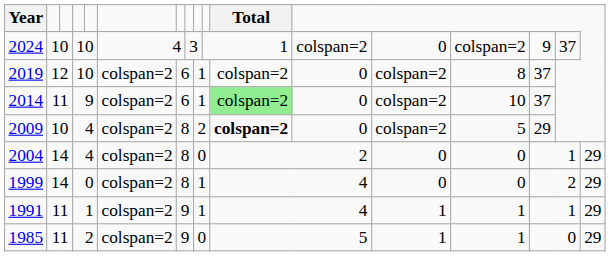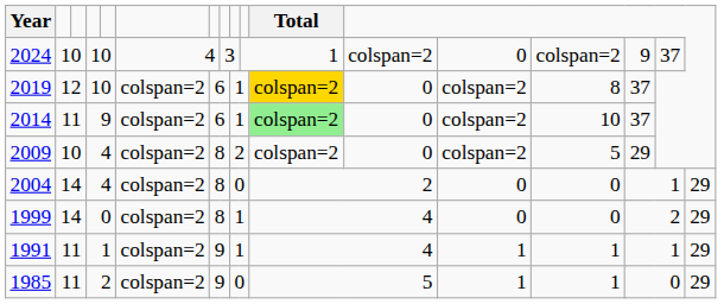 <table class="wikitable" style="text-align:right; padding-left:1em">
 <tr>
 <th align="left">Year</th>
 <td></td>
 <td></td>
 <td></td>
 <td></td>
 <td></td>
 <td></td>
 <td></td>
 <td></td>
 <td></td>
 <th align="left">Total</th>
 </tr>
 <tr>
 <td align=left><a href='#'>2024</a></td>
 <td colspan=2>10</td>
 <td colspan=2>10</td>
 <td colspan=2>4</td>
 <td colspan=2>3</td>
 <td colspan=2>1</td>
 <td>colspan=2 </td>
 <td colspan=2>0</td>
 <td>colspan=2 </td>
 <td colspan=2>9</td>
 <td>37</td>
 </tr>
 <tr>
 <td align=left><a href='#'>2019</a></td>
 <td colspan=2>12</td>
 <td colspan=2>10</td>
 <td>colspan=2 </td>
 <td colspan=2>6</td>
 <td colspan=2>1</td>
-<td>colspan=2 </td>
+<td style="background: gold;">colspan=2 </td>
 <td colspan=2>0</td>
 <td>colspan=2 </td>
 <td colspan=2>8</td>
 <td>37</td>
 </tr>
 <tr>
 <td align=left><a href='#'>2014</a></td>
 <td colspan=2>11</td>
 <td colspan=2>9</td>
 <td>colspan=2 </td>
 <td colspan=2>6</td>
 <td colspan=2>1</td>
 <td style="background: lightgreen;">colspan=2 </td>
 <td colspan=2>0</td>
 <td>colspan=2 </td>
 <td colspan=2>10</td>
 <td>37</td>
 </tr>
 <tr>
 <td align=left><a href='#'>2009</a></td>
 <td colspan=2>10</td>
 <td colspan=2>4</td>
 <td>colspan=2 </td>
 <td colspan=2>8</td>
 <td colspan=2>2</td>
-<td><strong>colspan=2 </strong></td>
+<td>colspan=2 </td>
 <td colspan=2>0</td>
 <td>colspan=2 </td>
 <td colspan=2>5</td>
 <td>29</td>
 </tr>
 <tr>
 <td align=left><a href='#'>2004</a></td>
 <td colspan=2>14</td>
 <td colspan=2>4</td>
 <td>colspan=2 </td>
 <td colspan=2>8</td>
 <td colspan=2>0</td>
 <td colspan=2>2</td>
 <td colspan=2>0</td>
 <td colspan=2>0</td>
 <td colspan=2>1</td>
 <td>29</td>
 </tr>
 <tr>
 <td align=left><a href='#'>1999</a></td>
 <td colspan=2>14</td>
 <td colspan=2>0</td>
 <td>colspan=2 </td>
 <td colspan=2>8</td>
 <td colspan=2>1</td>
 <td colspan=2>4</td>
 <td colspan=2>0</td>
 <td colspan=2>0</td>
 <td colspan=2>2</td>
 <td>29</td>
 </tr>
 <tr>
 <td align=left><a href='#'>1991</a></td>
 <td colspan=2>11</td>
 <td colspan=2>1</td>
 <td>colspan=2 </td>
 <td colspan=2>9</td>
 <td colspan=2>1</td>
 <td colspan=2>4</td>
 <td colspan=2>1</td>
 <td colspan=2>1</td>
 <td colspan=2>1</td>
 <td>29</td>
 </tr>
 <tr>
 <td align=left><a href='#'>1985</a></td>
 <td colspan=2>11</td>
 <td colspan=2>2</td>
 <td>colspan=2 </td>
 <td colspan=2>9</td>
 <td colspan=2>0</td>
 <td colspan=2>5</td>
 <td colspan=2>1</td>
 <td colspan=2>1</td>
 <td colspan=2>0</td>
 <td>29</td>
 </tr>
 </table>
